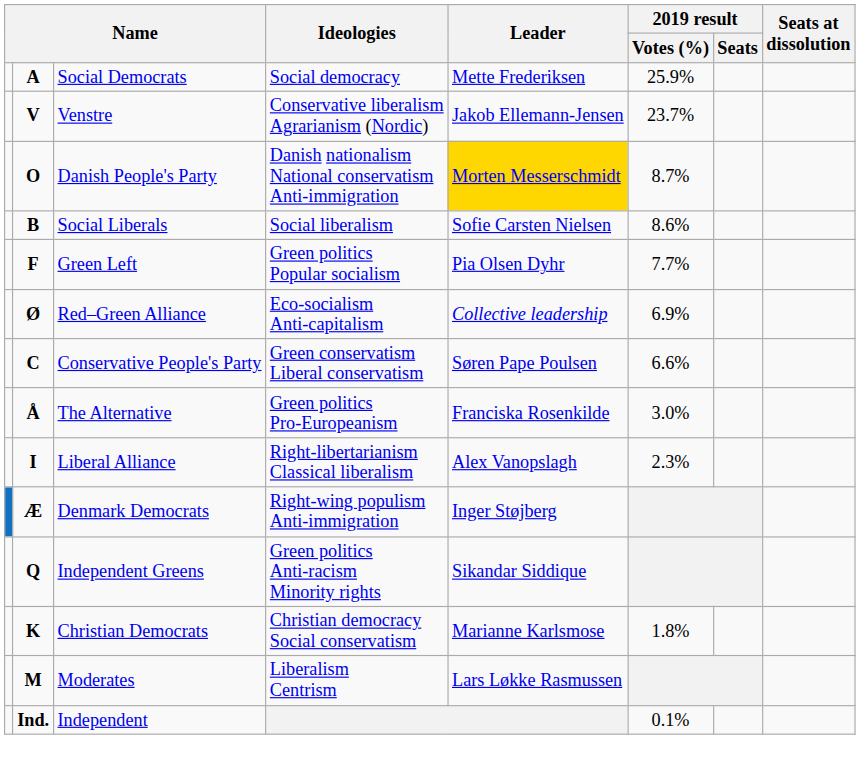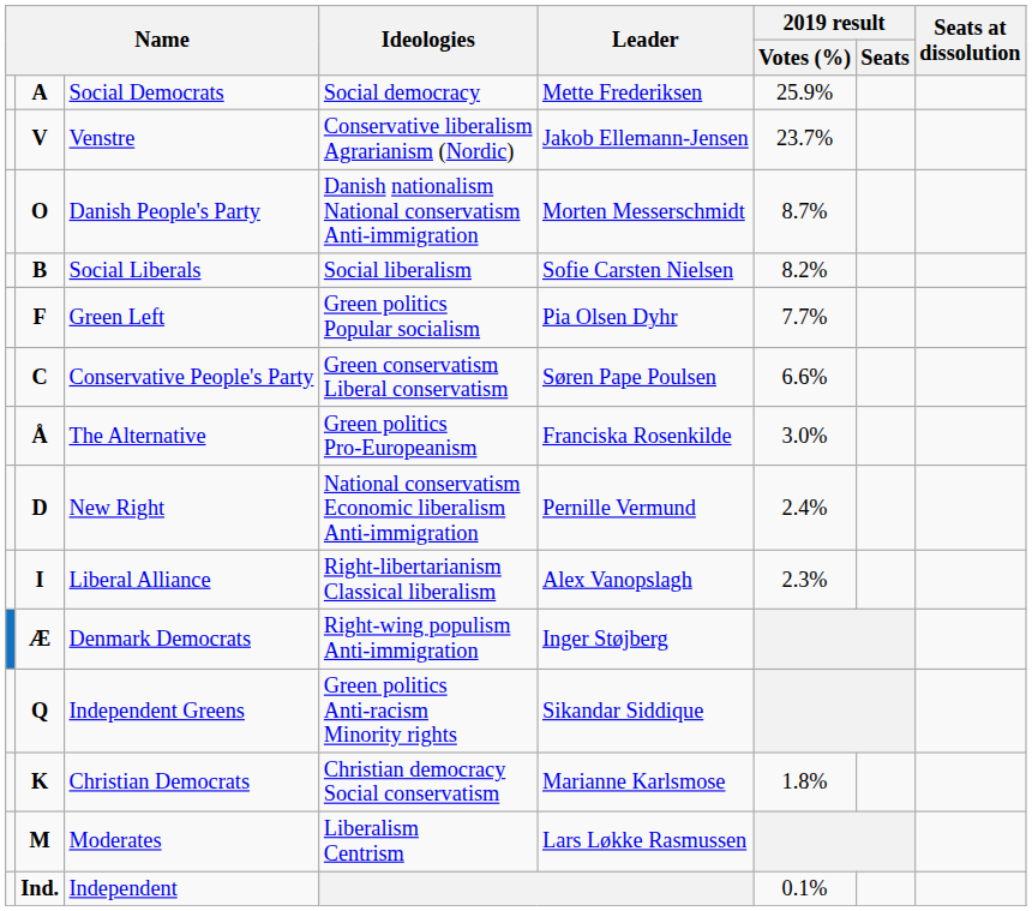 <table class="wikitable">
 <tr>
 <th rowspan="2" colspan="3">Name</th>
 <th rowspan="2">Ideologies</th>
 <th rowspan="2">Leader</th>
 <th colspan="2">2019 result</th>
 <th rowspan="2">Seats at<br>dissolution</th>
 </tr>
 <tr>
 <th>Votes (%)</th>
 <th>Seats</th>
 </tr>
 <tr>
 <td style="background:"></td>
 <td style="text-align:center;"><strong>A</strong></td>
 <td><a href='#'>Social Democrats</a><br></td>
 <td><a href='#'>Social democracy</a></td>
 <td><a href='#'>Mette Frederiksen</a></td>
 <td style="text-align:center;">25.9%</td>
 <td></td>
 <td></td>
 </tr>
 <tr>
 <td style="background:"></td>
 <td style="text-align:center;"><strong>V</strong></td>
 <td><a href='#'>Venstre</a><br></td>
 <td><a href='#'>Conservative liberalism</a><br><a href='#'>Agrarianism</a> (<a href='#'>Nordic</a>)</td>
 <td><a href='#'>Jakob Ellemann-Jensen</a></td>
 <td style="text-align:center;">23.7%</td>
 <td></td>
 <td></td>
 </tr>
 <tr>
 <td style="background:"></td>
 <td style="text-align:center;"><strong>O</strong></td>
 <td><a href='#'>Danish People's Party</a><br></td>
 <td><a href='#'>Danish</a> <a href='#'>nationalism</a><br><a href='#'>National conservatism</a><br><a href='#'>Anti-immigration</a></td>
-<td style="background: gold;"><a href='#'>Morten Messerschmidt</a></td>
+<td><a href='#'>Morten Messerschmidt</a></td>
 <td style="text-align:center;">8.7%</td>
 <td></td>
 <td></td>
 </tr>
 <tr>
 <td style="background:"></td>
 <td style="text-align:center;"><strong>B</strong></td>
 <td><a href='#'>Social Liberals</a><br></td>
 <td><a href='#'>Social liberalism</a></td>
 <td><a href='#'>Sofie Carsten Nielsen</a></td>
-<td style="text-align:center;">8.6%</td>
+<td style="text-align:center;">8.2%</td>
 <td></td>
 <td></td>
 </tr>
 <tr>
 <td style="background:"></td>
 <td style="text-align:center;"><strong>F</strong></td>
 <td><a href='#'>Green Left</a><br></td>
 <td><a href='#'>Green politics</a><br><a href='#'>Popular socialism</a></td>
 <td><a href='#'>Pia Olsen Dyhr</a></td>
 <td style="text-align:center;">7.7%</td>
-<td></td>
-<td></td>
-</tr>
-<tr>
-<td style="background:"></td>
-<td style="text-align:center;"><strong>Ø</strong></td>
-<td><a href='#'>Red–Green Alliance</a><br></td>
-<td><a href='#'>Eco-socialism</a><br><a href='#'>Anti-capitalism</a></td>
-<td><em><a href='#'>Collective leadership</a></em><br></td>
-<td style="text-align:center;">6.9%</td>
 <td></td>
 <td></td>
 </tr>
 <tr>
 <td style="background:"></td>
 <td style="text-align:center;"><strong>C</strong></td>
 <td><a href='#'>Conservative People's Party</a><br></td>
 <td><a href='#'>Green conservatism</a><br><a href='#'>Liberal conservatism</a></td>
 <td><a href='#'>Søren Pape Poulsen</a></td>
 <td style="text-align:center;">6.6%</td>
 <td></td>
 <td></td>
 </tr>
 <tr>
 <td style="background:"></td>
 <td style="text-align:center;"><strong>Å</strong></td>
 <td><a href='#'>The Alternative</a><br></td>
 <td><a href='#'>Green politics</a><br><a href='#'>Pro-Europeanism</a></td>
 <td><a href='#'>Franciska Rosenkilde</a></td>
 <td style="text-align:center;">3.0%</td>
+<td></td>
+<td></td>
+</tr>
+<tr>
+<td style="background:"></td>
+<td style="text-align:center;"><strong>D</strong></td>
+<td><a href='#'>New Right</a><br></td>
+<td><a href='#'>National conservatism</a><br><a href='#'>Economic liberalism</a><br><a href='#'>Anti-immigration</a></td>
+<td><a href='#'>Pernille Vermund</a></td>
+<td style="text-align:center;">2.4%</td>
 <td></td>
 <td></td>
 </tr>
 <tr>
 <td style="background:"></td>
 <td style="text-align:center;"><strong>I</strong></td>
 <td><a href='#'>Liberal Alliance</a><br></td>
 <td><a href='#'>Right-libertarianism</a><br><a href='#'>Classical liberalism</a></td>
 <td><a href='#'>Alex Vanopslagh</a></td>
 <td style="text-align:center;">2.3%</td>
 <td></td>
 <td></td>
 </tr>
 <tr>
 <td style="background:#1272C2;"></td>
 <td style="text-align:center;"><strong>Æ</strong></td>
 <td><a href='#'>Denmark Democrats</a><br></td>
 <td><a href='#'>Right-wing populism</a><br><a href='#'>Anti-immigration</a></td>
 <td><a href='#'>Inger Støjberg</a></td>
 <th colspan="2"></th>
 <td></td>
 </tr>
 <tr>
 <td style="background:"></td>
 <td style="text-align:center;"><strong>Q</strong></td>
 <td><a href='#'>Independent Greens</a><br></td>
 <td><a href='#'>Green politics</a><br><a href='#'>Anti-racism</a><br><a href='#'>Minority rights</a></td>
 <td><a href='#'>Sikandar Siddique</a></td>
 <th colspan="2"></th>
 <td></td>
 </tr>
 <tr>
 <td style="background:"></td>
 <td style="text-align:center;"><strong>K</strong></td>
 <td><a href='#'>Christian Democrats</a><br></td>
 <td><a href='#'>Christian democracy</a><br><a href='#'>Social conservatism</a></td>
 <td><a href='#'>Marianne Karlsmose</a></td>
 <td style="text-align:center;">1.8%</td>
 <td></td>
 <td></td>
 </tr>
 <tr>
 <td style="background:"></td>
 <td style="text-align:center;"><strong>M</strong></td>
 <td><a href='#'>Moderates</a><br></td>
 <td><a href='#'>Liberalism</a><br><a href='#'>Centrism</a></td>
 <td><a href='#'>Lars Løkke Rasmussen</a></td>
 <th colspan="2"></th>
 <td></td>
 </tr>
 <tr>
 <td style="background:"></td>
 <td style="text-align:center;"><strong>Ind.</strong></td>
 <td><a href='#'>Independent</a></td>
 <th colspan="2"></th>
 <td style="text-align:center;">0.1%</td>
 <td></td>
 <td></td>
 </tr>
 </table>
